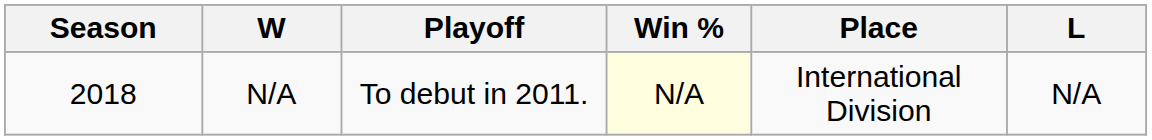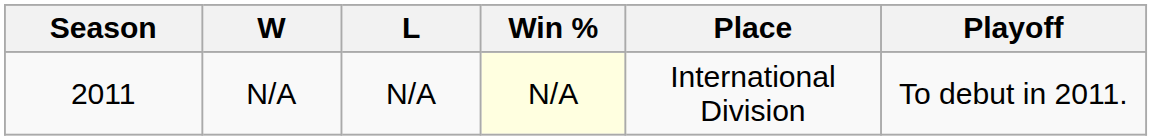 <table class="wikitable">
 <tr>
 <th bgcolor="#DDDDFF" width="5%">Season</th>
 <th bgcolor="#DDDDFF" width="5%">W</th>
-<th bgcolor="#DDDDFF" width="10%">Playoff</th>
+<th bgcolor="#DDDDFF" width="5%">L</th>
 <th bgcolor="#DDDDFF" width="5%">Win %</th>
 <th bgcolor="#DDDDFF" width="5%">Place</th>
-<th bgcolor="#DDDDFF" width="5%">L</th>
+<th bgcolor="#DDDDFF" width="10%">Playoff</th>
 </tr>
 <tr align=center>
-<td>2018</td>
+<td>2011</td>
 <td>N/A</td>
-<td>To debut in 2011.</td>
+<td>N/A</td>
 <td style="background: lightyellow;">N/A</td>
 <td>International Division</td>
-<td>N/A</td>
+<td>To debut in 2011.</td>
 </tr>
 </table>
